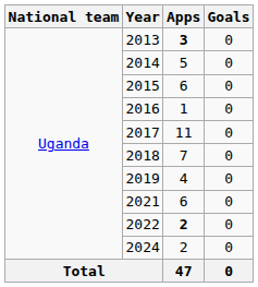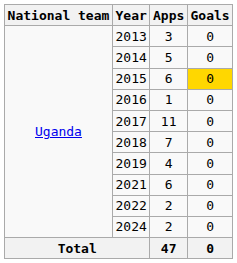 <table class="wikitable" style="text-align:center">
 <tr>
 <th>National team</th>
 <th>Year</th>
 <th>Apps</th>
 <th>Goals</th>
 </tr>
 <tr>
 <td rowspan="10"><a href='#'>Uganda</a></td>
 <td>2013</td>
-<td><strong>3</strong></td>
+<td>3</td>
 <td>0</td>
 </tr>
 <tr>
 <td>2014</td>
 <td>5</td>
 <td>0</td>
 </tr>
 <tr>
 <td>2015</td>
 <td>6</td>
-<td>0</td>
+<td style="background: gold;">0</td>
 </tr>
 <tr>
 <td>2016</td>
 <td>1</td>
 <td>0</td>
 </tr>
 <tr>
 <td>2017</td>
 <td>11</td>
 <td>0</td>
 </tr>
 <tr>
 <td>2018</td>
 <td>7</td>
 <td>0</td>
 </tr>
 <tr>
 <td>2019</td>
 <td>4</td>
 <td>0</td>
 </tr>
 <tr>
 <td>2021</td>
 <td>6</td>
 <td>0</td>
 </tr>
 <tr>
 <td>2022</td>
-<td><strong>2</strong></td>
+<td>2</td>
 <td>0</td>
 </tr>
 <tr>
 <td>2024</td>
 <td>2</td>
 <td>0</td>
 </tr>
 <tr>
 <th colspan="2">Total</th>
 <th>47</th>
 <th>0</th>
 </tr>
 </table>
